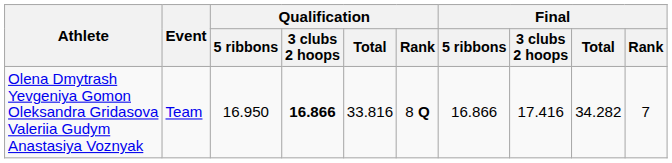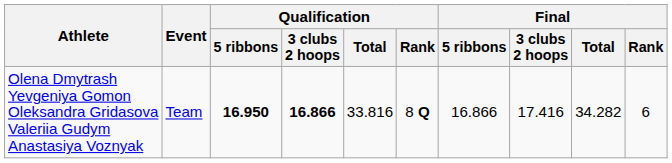 <table class="wikitable" style="font-size:90%">
 <tr>
 <th rowspan="2">Athlete</th>
 <th rowspan="2">Event</th>
 <th colspan="4">Qualification</th>
 <th colspan="4">Final</th>
 </tr>
 <tr style="font-size:95%">
 <th>5 ribbons</th>
 <th>3 clubs<br>2 hoops</th>
 <th>Total</th>
 <th>Rank</th>
 <th>5 ribbons</th>
 <th>3 clubs<br>2 hoops</th>
 <th>Total</th>
 <th>Rank</th>
 </tr>
 <tr align=center>
 <td align=left><a href='#'>Olena Dmytrash</a><br><a href='#'>Yevgeniya Gomon</a><br><a href='#'>Oleksandra Gridasova</a><br><a href='#'>Valeriia Gudym</a><br><a href='#'>Anastasiya Voznyak</a></td>
 <td align=left><a href='#'>Team</a></td>
-<td>16.950</td>
+<td><strong>16.950</strong></td>
 <td><strong>16.866</strong></td>
 <td>33.816</td>
 <td>8 <strong>Q</strong></td>
 <td>16.866</td>
 <td>17.416</td>
 <td>34.282</td>
-<td>7</td>
+<td>6</td>
 </tr>
 </table>
